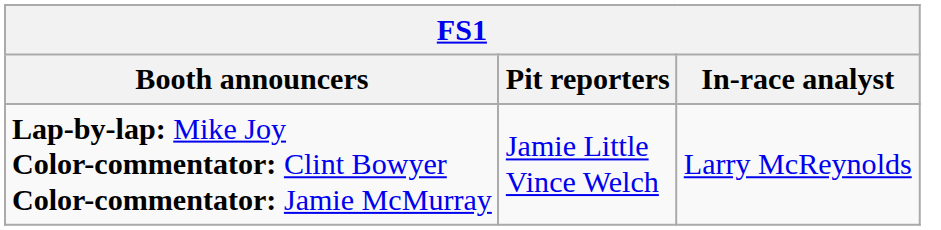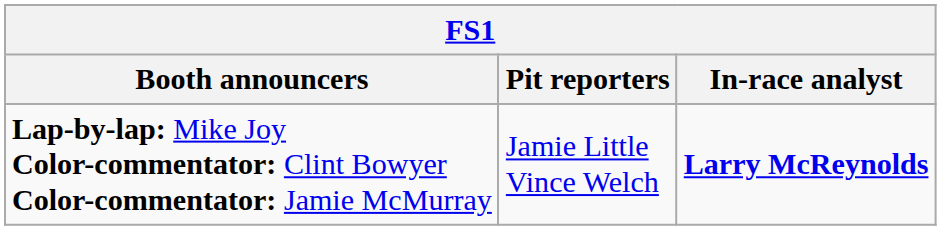 <table class="wikitable" style="font-size: 95%">
 <tr>
 <th colspan="3"><a href='#'>FS1</a></th>
 </tr>
 <tr>
 <th>Booth announcers</th>
 <th>Pit reporters</th>
 <th>In-race analyst</th>
 </tr>
 <tr>
 <td><strong>Lap-by-lap:</strong> <a href='#'>Mike Joy</a><br><strong>Color-commentator:</strong> <a href='#'>Clint Bowyer</a><br><strong>Color-commentator:</strong> <a href='#'>Jamie McMurray</a></td>
 <td><a href='#'>Jamie Little</a><br><a href='#'>Vince Welch</a></td>
-<td><a href='#'>Larry McReynolds</a></td>
+<td><strong><a href='#'>Larry McReynolds</a></strong></td>
 </tr>
 </table>
